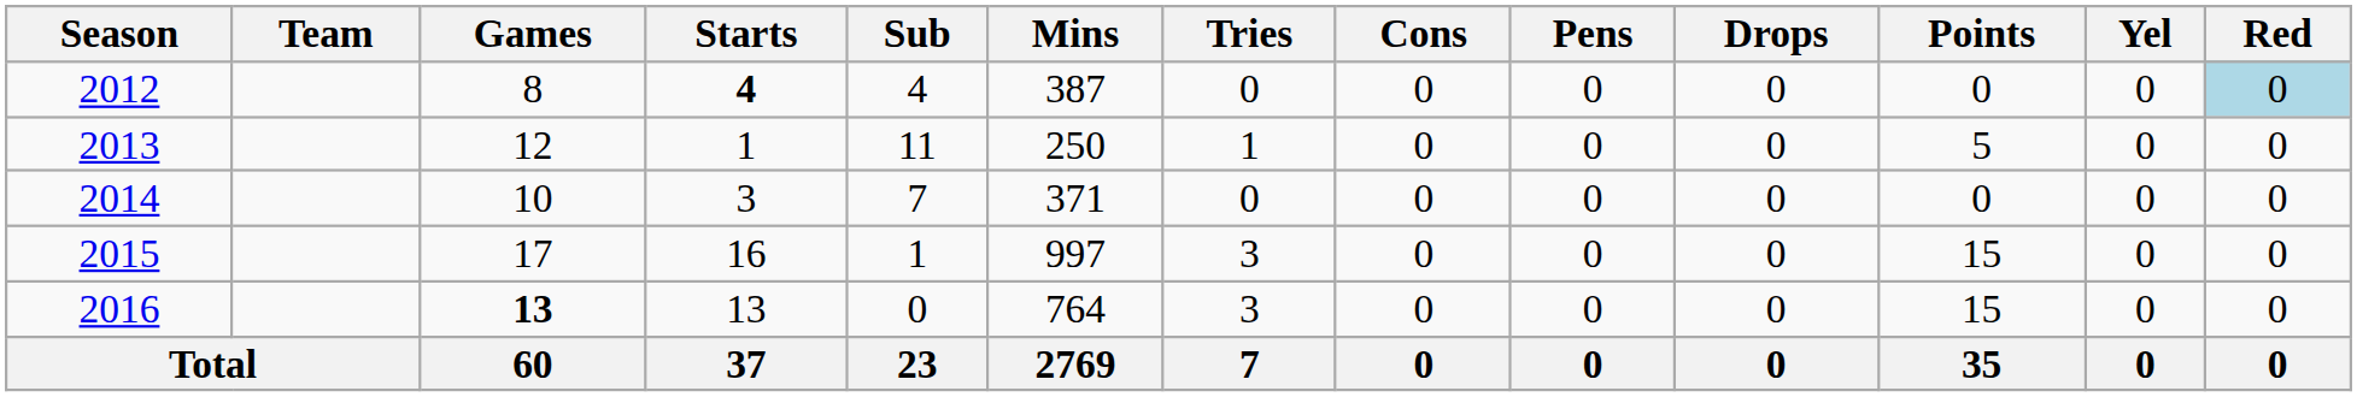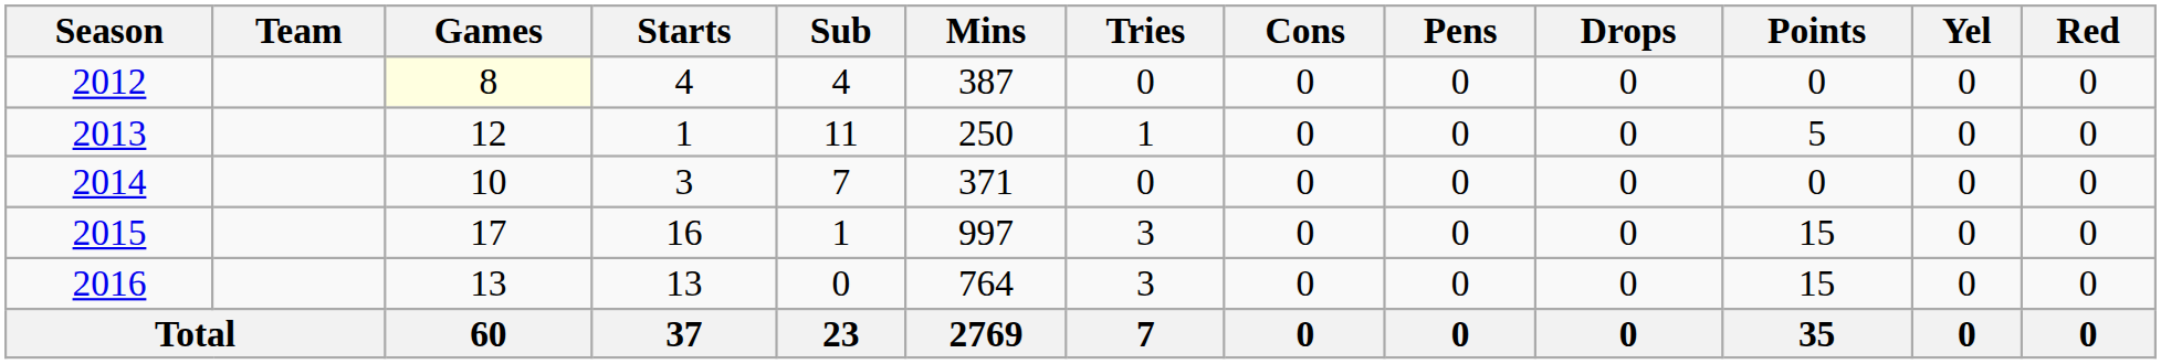 <table class="wikitable" style="text-align:center; line-height:90%; font-size:95%; width:70%;">
 <tr>
 <th>Season</th>
 <th>Team</th>
 <th>Games</th>
 <th>Starts</th>
 <th>Sub</th>
 <th>Mins</th>
 <th>Tries</th>
 <th>Cons</th>
 <th>Pens</th>
 <th>Drops</th>
 <th>Points</th>
 <th>Yel</th>
 <th>Red</th>
 </tr>
 <tr>
 <td><a href='#'>2012</a></td>
 <td></td>
-<td>8</td>
-<td><strong>4</strong></td>
+<td style="background: lightyellow;">8</td>
+<td>4</td>
 <td>4</td>
 <td>387</td>
 <td>0</td>
 <td>0</td>
 <td>0</td>
 <td>0</td>
 <td>0</td>
 <td>0</td>
-<td style="background: lightblue;">0</td>
+<td>0</td>
 </tr>
 <tr>
 <td><a href='#'>2013</a></td>
 <td></td>
 <td>12</td>
 <td>1</td>
 <td>11</td>
 <td>250</td>
 <td>1</td>
 <td>0</td>
 <td>0</td>
 <td>0</td>
 <td>5</td>
 <td>0</td>
 <td>0</td>
 </tr>
 <tr>
 <td><a href='#'>2014</a></td>
 <td></td>
 <td>10</td>
 <td>3</td>
 <td>7</td>
 <td>371</td>
 <td>0</td>
 <td>0</td>
 <td>0</td>
 <td>0</td>
 <td>0</td>
 <td>0</td>
 <td>0</td>
 </tr>
 <tr>
 <td><a href='#'>2015</a></td>
 <td></td>
 <td>17</td>
 <td>16</td>
 <td>1</td>
 <td>997</td>
 <td>3</td>
 <td>0</td>
 <td>0</td>
 <td>0</td>
 <td>15</td>
 <td>0</td>
 <td>0</td>
 </tr>
 <tr>
 <td><a href='#'>2016</a></td>
 <td></td>
-<td><strong>13</strong></td>
+<td>13</td>
 <td>13</td>
 <td>0</td>
 <td>764</td>
 <td>3</td>
 <td>0</td>
 <td>0</td>
 <td>0</td>
 <td>15</td>
 <td>0</td>
 <td>0</td>
 </tr>
 <tr>
 <th colspan="2">Total</th>
 <th>60</th>
 <th>37</th>
 <th>23</th>
 <th>2769</th>
 <th>7</th>
 <th>0</th>
 <th>0</th>
 <th>0</th>
 <th>35</th>
 <th>0</th>
 <th>0</th>
 </tr>
 </table>
